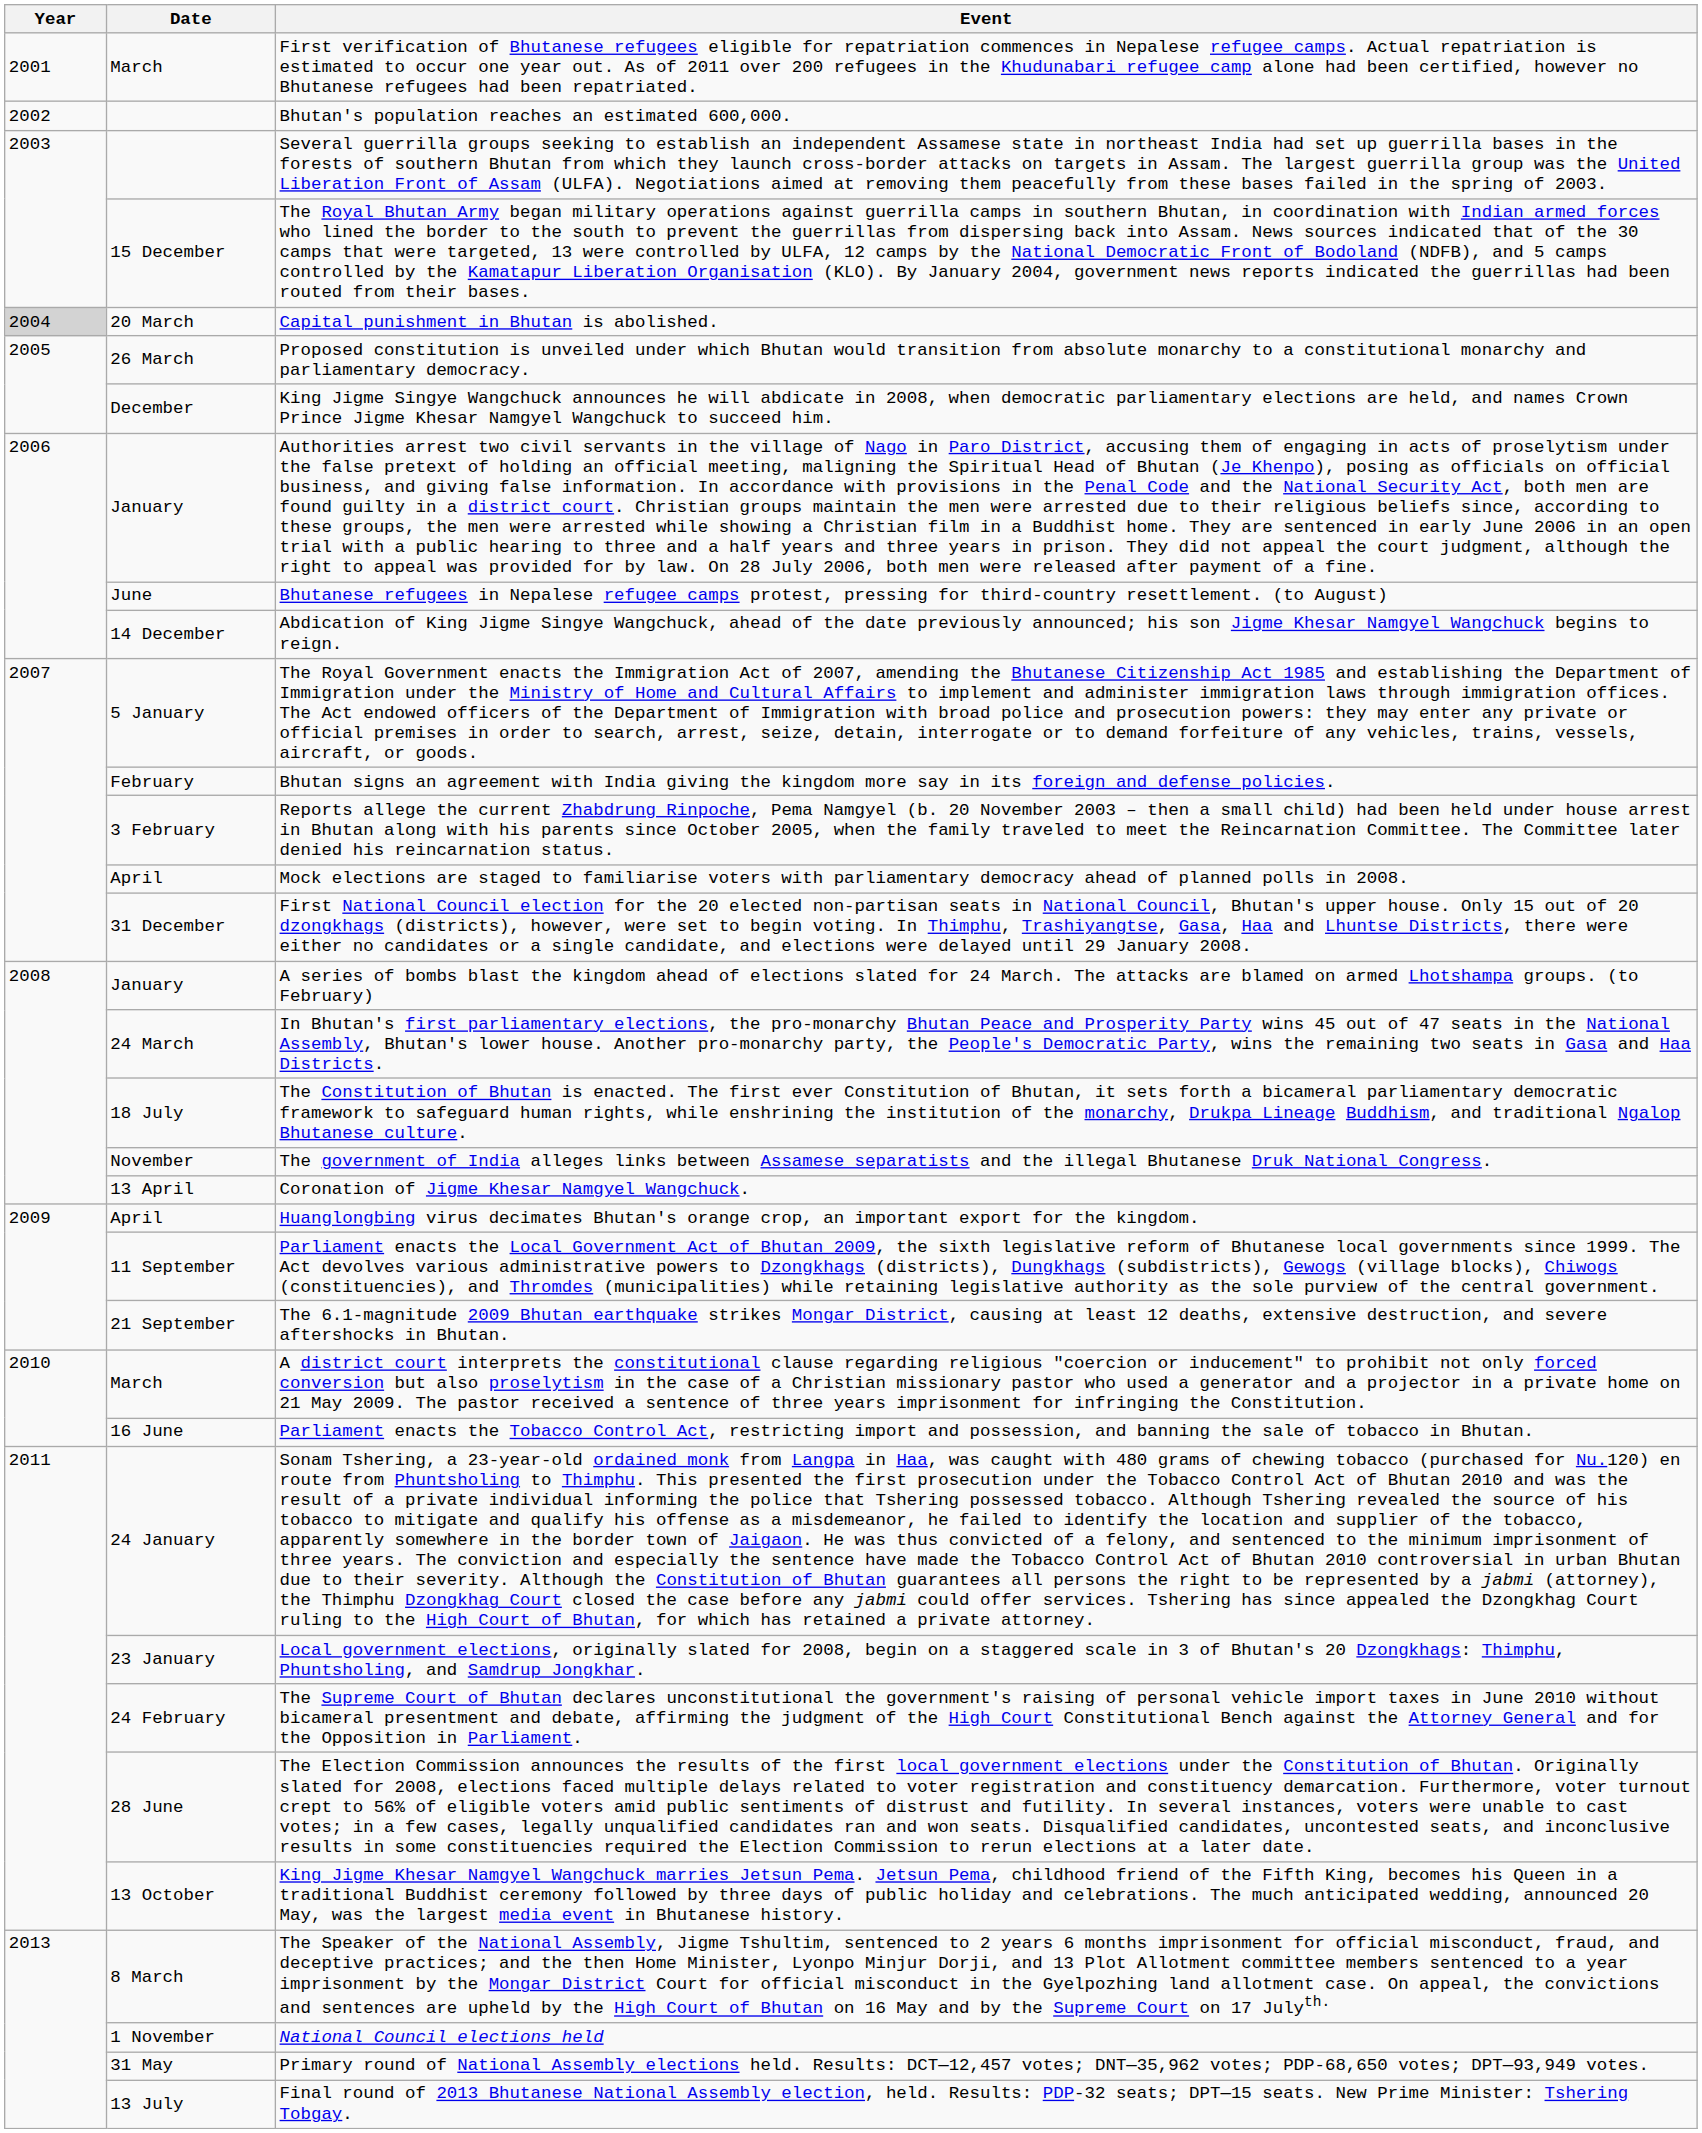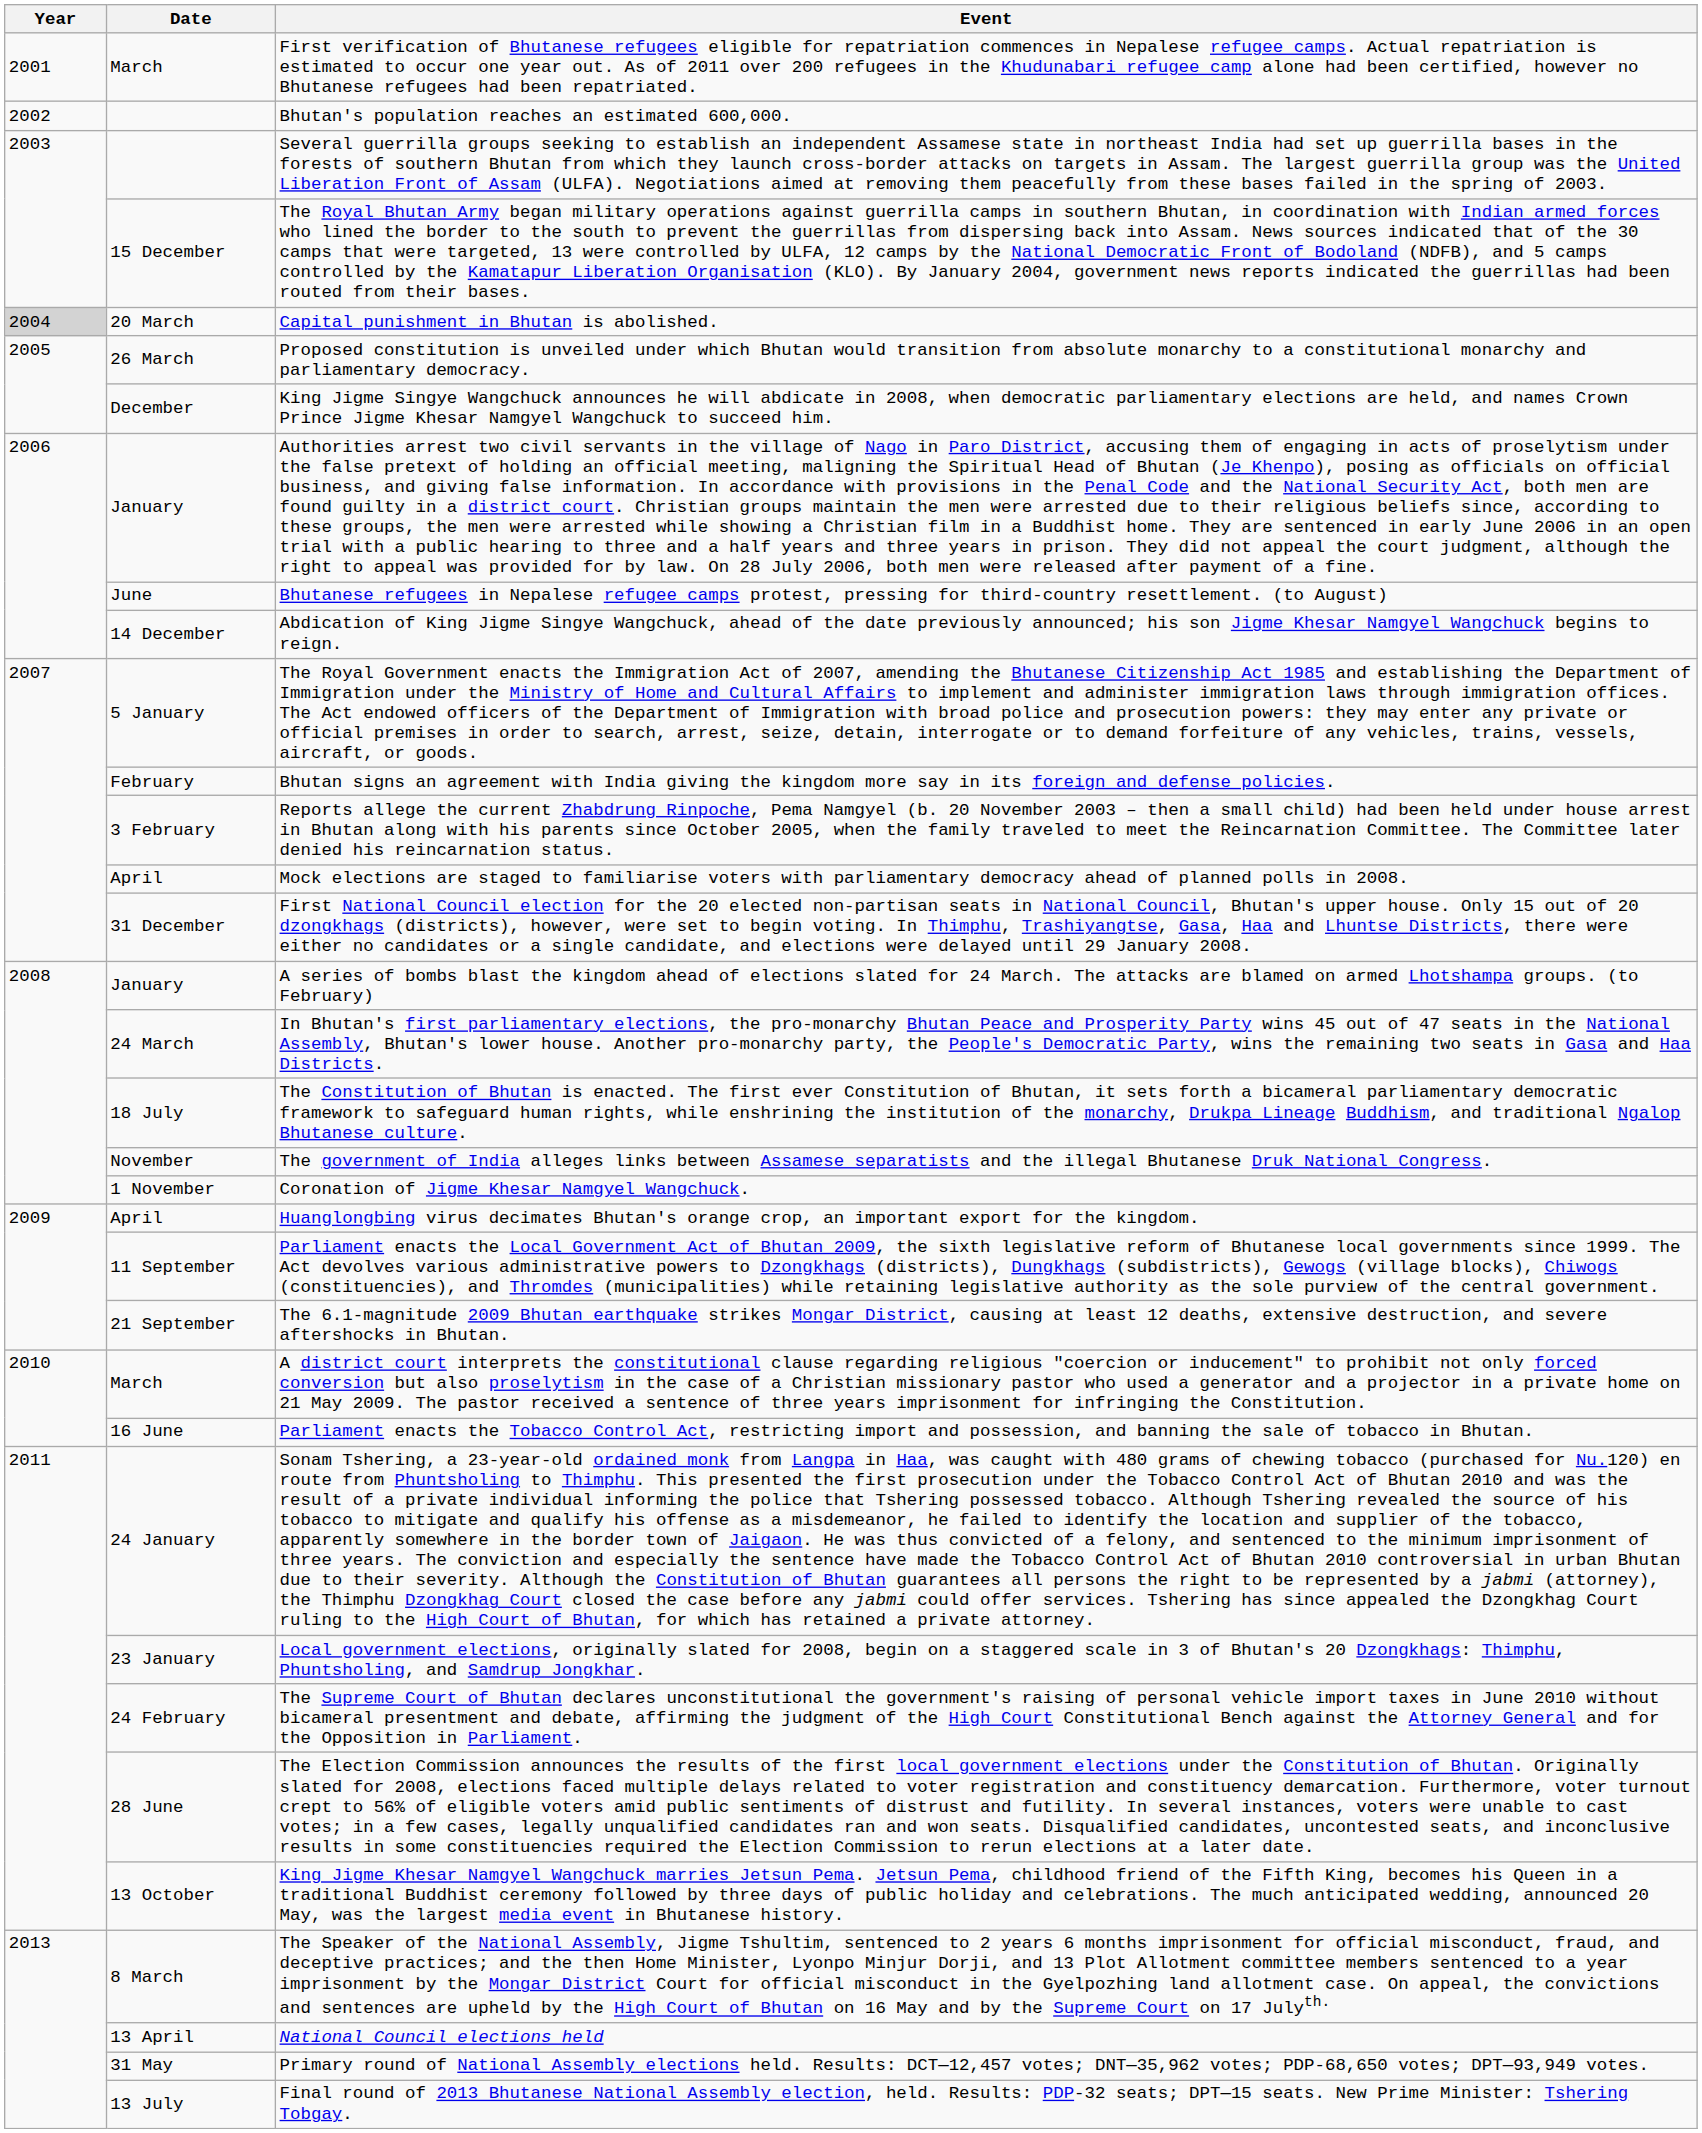 <table class="wikitable" width="100%">
 <tr>
 <th style="width:6%">Year</th>
 <th style="width:10%">Date</th>
 <th>Event</th>
 </tr>
 <tr>
 <td>2001</td>
 <td>March</td>
 <td>First verification of <a href='#'>Bhutanese refugees</a> eligible for repatriation commences in Nepalese <a href='#'>refugee camps</a>. Actual repatriation is estimated to occur one year out. As of 2011 over 200 refugees in the <a href='#'>Khudunabari refugee camp</a> alone had been certified, however no Bhutanese refugees had been repatriated.</td>
 </tr>
 <tr>
 <td>2002</td>
 <td></td>
 <td>Bhutan's population reaches an estimated 600,000.</td>
 </tr>
 <tr>
 <td rowspan="2" valign="top">2003</td>
 <td></td>
 <td>Several guerrilla groups seeking to establish an independent Assamese state in northeast India had set up guerrilla bases in the forests of southern Bhutan from which they launch cross-border attacks on targets in Assam. The largest guerrilla group was the <a href='#'>United Liberation Front of Assam</a> (ULFA). Negotiations aimed at removing them peacefully from these bases failed in the spring of 2003.</td>
 </tr>
 <tr>
 <td>15 December</td>
 <td>The <a href='#'>Royal Bhutan Army</a> began military operations against guerrilla camps in southern Bhutan, in coordination with <a href='#'>Indian armed forces</a> who lined the border to the south to prevent the guerrillas from dispersing back into Assam. News sources indicated that of the 30 camps that were targeted, 13 were controlled by ULFA, 12 camps by the <a href='#'>National Democratic Front of Bodoland</a> (NDFB), and 5 camps controlled by the <a href='#'>Kamatapur Liberation Organisation</a> (KLO). By January 2004, government news reports indicated the guerrillas had been routed from their bases.</td>
 </tr>
 <tr>
 <td style="background: lightgrey;">2004</td>
 <td>20 March</td>
 <td><a href='#'>Capital punishment in Bhutan</a> is abolished.</td>
 </tr>
 <tr>
 <td rowspan="2" valign="top">2005</td>
 <td>26 March</td>
 <td>Proposed constitution is unveiled under which Bhutan would transition from absolute monarchy to a constitutional monarchy and parliamentary democracy.</td>
 </tr>
 <tr>
 <td>December</td>
 <td>King Jigme Singye Wangchuck announces he will abdicate in 2008, when democratic parliamentary elections are held, and names Crown Prince Jigme Khesar Namgyel Wangchuck to succeed him.</td>
 </tr>
 <tr>
 <td rowspan="3" valign="top">2006</td>
 <td>January</td>
 <td>Authorities arrest two civil servants in the village of <a href='#'>Nago</a> in <a href='#'>Paro District</a>, accusing them of engaging in acts of proselytism under the false pretext of holding an official meeting, maligning the Spiritual Head of Bhutan (<a href='#'>Je Khenpo</a>), posing as officials on official business, and giving false information. In accordance with provisions in the <a href='#'>Penal Code</a> and the <a href='#'>National Security Act</a>, both men are found guilty in a <a href='#'>district court</a>. Christian groups maintain the men were arrested due to their religious beliefs since, according to these groups, the men were arrested while showing a Christian film in a Buddhist home. They are sentenced in early June 2006 in an open trial with a public hearing to three and a half years and three years in prison. They did not appeal the court judgment, although the right to appeal was provided for by law. On 28 July 2006, both men were released after payment of a fine.</td>
 </tr>
 <tr>
 <td>June</td>
 <td><a href='#'>Bhutanese refugees</a> in Nepalese <a href='#'>refugee camps</a> protest, pressing for third-country resettlement. (to August)</td>
 </tr>
 <tr>
 <td>14 December</td>
 <td>Abdication of King Jigme Singye Wangchuck, ahead of the date previously announced; his son <a href='#'>Jigme Khesar Namgyel Wangchuck</a> begins to reign.</td>
 </tr>
 <tr>
 <td rowspan="5" valign="top">2007</td>
 <td>5 January</td>
 <td>The Royal Government enacts the Immigration Act of 2007, amending the <a href='#'>Bhutanese Citizenship Act 1985</a> and establishing the Department of Immigration under the <a href='#'>Ministry of Home and Cultural Affairs</a> to implement and administer immigration laws through immigration offices. The Act endowed officers of the Department of Immigration with broad police and prosecution powers: they may enter any private or official premises in order to search, arrest, seize, detain, interrogate or to demand forfeiture of any vehicles, trains, vessels, aircraft, or goods.</td>
 </tr>
 <tr>
 <td>February</td>
 <td>Bhutan signs an agreement with India giving the kingdom more say in its <a href='#'>foreign and defense policies</a>.</td>
 </tr>
 <tr>
 <td>3 February</td>
 <td>Reports allege the current <a href='#'>Zhabdrung Rinpoche</a>, Pema Namgyel (b. 20 November 2003 – then a small child) had been held under house arrest in Bhutan along with his parents since October 2005, when the family traveled to meet the Reincarnation Committee. The Committee later denied his reincarnation status.</td>
 </tr>
 <tr>
 <td>April</td>
 <td>Mock elections are staged to familiarise voters with parliamentary democracy ahead of planned polls in 2008.</td>
 </tr>
 <tr>
 <td>31 December</td>
 <td>First <a href='#'>National Council election</a> for the 20 elected non-partisan seats in <a href='#'>National Council</a>, Bhutan's upper house. Only 15 out of 20 <a href='#'>dzongkhags</a> (districts), however, were set to begin voting. In <a href='#'>Thimphu</a>, <a href='#'>Trashiyangtse</a>, <a href='#'>Gasa</a>, <a href='#'>Haa</a> and <a href='#'>Lhuntse Districts</a>, there were either no candidates or a single candidate, and elections were delayed until 29 January 2008.</td>
 </tr>
 <tr>
 <td rowspan="5" valign="top">2008</td>
 <td>January</td>
 <td>A series of bombs blast the kingdom ahead of elections slated for 24 March. The attacks are blamed on armed <a href='#'>Lhotshampa</a> groups. (to February)</td>
 </tr>
 <tr>
 <td>24 March</td>
 <td>In Bhutan's <a href='#'>first parliamentary elections</a>, the pro-monarchy <a href='#'>Bhutan Peace and Prosperity Party</a> wins 45 out of 47 seats in the <a href='#'>National Assembly</a>, Bhutan's lower house. Another pro-monarchy party, the <a href='#'>People's Democratic Party</a>, wins the remaining two seats in <a href='#'>Gasa</a> and <a href='#'>Haa Districts</a>.</td>
 </tr>
 <tr>
 <td>18 July</td>
 <td>The <a href='#'>Constitution of Bhutan</a> is enacted. The first ever Constitution of Bhutan, it sets forth a bicameral parliamentary democratic framework to safeguard human rights, while enshrining the institution of the <a href='#'>monarchy</a>, <a href='#'>Drukpa Lineage</a> <a href='#'>Buddhism</a>, and traditional <a href='#'>Ngalop</a> <a href='#'>Bhutanese culture</a>.</td>
 </tr>
 <tr>
 <td>November</td>
 <td>The <a href='#'>government of India</a> alleges links between <a href='#'>Assamese separatists</a> and the illegal Bhutanese <a href='#'>Druk National Congress</a>.</td>
 </tr>
 <tr>
-<td>13 April</td>
+<td>1 November</td>
 <td>Coronation of <a href='#'>Jigme Khesar Namgyel Wangchuck</a>.</td>
 </tr>
 <tr>
 <td rowspan="3" valign="top">2009</td>
 <td>April</td>
 <td><a href='#'>Huanglongbing</a> virus decimates Bhutan's orange crop, an important export for the kingdom.</td>
 </tr>
 <tr>
 <td>11 September</td>
 <td><a href='#'>Parliament</a> enacts the <a href='#'>Local Government Act of Bhutan 2009</a>, the sixth legislative reform of Bhutanese local governments since 1999. The Act devolves various administrative powers to <a href='#'>Dzongkhags</a> (districts), <a href='#'>Dungkhags</a> (subdistricts), <a href='#'>Gewogs</a> (village blocks), <a href='#'>Chiwogs</a> (constituencies), and <a href='#'>Thromdes</a> (municipalities) while retaining legislative authority as the sole purview of the central government.</td>
 </tr>
 <tr>
 <td>21 September</td>
 <td>The 6.1-magnitude <a href='#'>2009 Bhutan earthquake</a> strikes <a href='#'>Mongar District</a>, causing at least 12 deaths, extensive destruction, and severe aftershocks in Bhutan.</td>
 </tr>
 <tr>
 <td rowspan="2" valign="top">2010</td>
 <td>March</td>
 <td>A <a href='#'>district court</a> interprets the <a href='#'>constitutional</a> clause regarding religious "coercion or inducement" to prohibit not only <a href='#'>forced conversion</a> but also <a href='#'>proselytism</a> in the case of a Christian missionary pastor who used a generator and a projector in a private home on 21 May 2009. The pastor received a sentence of three years imprisonment for infringing the Constitution.</td>
 </tr>
 <tr>
 <td>16 June</td>
 <td><a href='#'>Parliament</a> enacts the <a href='#'>Tobacco Control Act</a>, restricting import and possession, and banning the sale of tobacco in Bhutan.</td>
 </tr>
 <tr>
 <td rowspan="5" valign="top">2011</td>
 <td>24 January</td>
 <td>Sonam Tshering, a 23-year-old <a href='#'>ordained monk</a> from <a href='#'>Langpa</a> in <a href='#'>Haa</a>, was caught with 480 grams of chewing tobacco (purchased for <a href='#'>Nu.</a>120) en route from <a href='#'>Phuntsholing</a> to <a href='#'>Thimphu</a>. This presented the first prosecution under the Tobacco Control Act of Bhutan 2010 and was the result of a private individual informing the police that Tshering possessed tobacco. Although Tshering revealed the source of his tobacco to mitigate and qualify his offense as a misdemeanor, he failed to identify the location and supplier of the tobacco, apparently somewhere in the border town of <a href='#'>Jaigaon</a>. He was thus convicted of a felony, and sentenced to the minimum imprisonment of three years. The conviction and especially the sentence have made the Tobacco Control Act of Bhutan 2010 controversial in urban Bhutan due to their severity. Although the <a href='#'>Constitution of Bhutan</a> guarantees all persons the right to be represented by a <em>jabmi</em> (attorney), the Thimphu <a href='#'>Dzongkhag Court</a> closed the case before any <em>jabmi</em> could offer services. Tshering has since appealed the Dzongkhag Court ruling to the <a href='#'>High Court of Bhutan</a>, for which has retained a private attorney.</td>
 </tr>
 <tr>
 <td>23 January</td>
 <td><a href='#'>Local government elections</a>, originally slated for 2008, begin on a staggered scale in 3 of Bhutan's 20 <a href='#'>Dzongkhags</a>: <a href='#'>Thimphu</a>, <a href='#'>Phuntsholing</a>, and <a href='#'>Samdrup Jongkhar</a>.</td>
 </tr>
 <tr>
 <td>24 February</td>
 <td>The <a href='#'>Supreme Court of Bhutan</a> declares unconstitutional the government's raising of personal vehicle import taxes in June 2010 without bicameral presentment and debate, affirming the judgment of the <a href='#'>High Court</a> Constitutional Bench against the <a href='#'>Attorney General</a> and for the Opposition in <a href='#'>Parliament</a>.</td>
 </tr>
 <tr>
 <td>28 June</td>
 <td>The Election Commission announces the results of the first <a href='#'>local government elections</a> under the <a href='#'>Constitution of Bhutan</a>. Originally slated for 2008, elections faced multiple delays related to voter registration and constituency demarcation. Furthermore, voter turnout crept to 56% of eligible voters amid public sentiments of distrust and futility. In several instances, voters were unable to cast votes; in a few cases, legally unqualified candidates ran and won seats. Disqualified candidates, uncontested seats, and inconclusive results in some constituencies required the Election Commission to rerun elections at a later date.</td>
 </tr>
 <tr>
 <td>13 October</td>
 <td><a href='#'>King Jigme Khesar Namgyel Wangchuck marries Jetsun Pema</a>. <a href='#'>Jetsun Pema</a>, childhood friend of the Fifth King, becomes his Queen in a traditional Buddhist ceremony followed by three days of public holiday and celebrations. The much anticipated wedding, announced 20 May, was the largest <a href='#'>media event</a> in Bhutanese history.</td>
 </tr>
 <tr>
 <td rowspan="4" valign="top">2013</td>
 <td>8 March</td>
 <td>The Speaker of the <a href='#'>National Assembly</a>, Jigme Tshultim, sentenced to 2 years 6 months imprisonment for official misconduct, fraud, and deceptive practices; and the then Home Minister, Lyonpo Minjur Dorji, and 13 Plot Allotment committee members sentenced to a year imprisonment by the <a href='#'>Mongar District</a> Court for official misconduct in the Gyelpozhing land allotment case. On appeal, the convictions and sentences are upheld by the <a href='#'>High Court of Bhutan</a> on 16 May and by the <a href='#'>Supreme Court</a> on 17 July<sup>th.</sup></td>
 </tr>
 <tr>
-<td>1 November</td>
+<td>13 April</td>
 <td><em><a href='#'>National Council elections held</a></em></td>
 </tr>
 <tr>
 <td>31 May</td>
 <td>Primary round of <a href='#'>National Assembly elections</a> held. Results: DCT—12,457 votes; DNT—35,962 votes; PDP-68,650 votes; DPT—93,949 votes.</td>
 </tr>
 <tr>
 <td>13 July</td>
 <td>Final round of <a href='#'>2013 Bhutanese National Assembly election</a>, held. Results: <a href='#'>PDP</a>-32 seats; DPT—15 seats. New Prime Minister: <a href='#'>Tshering Tobgay</a>.</td>
 </tr>
 </table>
